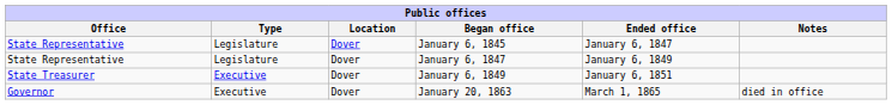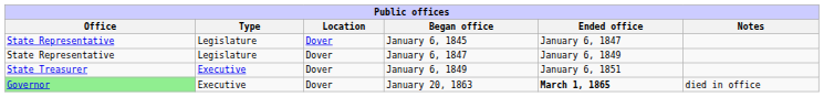 <table class=wikitable style="width: 94%" style="text-align: center;" align="center">
 <tr bgcolor=#cccccc>
 <th colspan=7 style="background: #ccccff;">Public offices</th>
 </tr>
 <tr>
 <th><strong>Office</strong></th>
 <th><strong>Type</strong></th>
 <th><strong>Location</strong></th>
 <th><strong>Began office</strong></th>
 <th><strong>Ended office</strong></th>
 <th><strong>Notes</strong></th>
 </tr>
 <tr>
 <td><a href='#'>State Representative</a></td>
 <td>Legislature</td>
 <td><a href='#'>Dover</a></td>
 <td>January 6, 1845</td>
 <td>January 6, 1847</td>
 <td></td>
 </tr>
 <tr>
 <td>State Representative</td>
 <td>Legislature</td>
 <td>Dover</td>
 <td>January 6, 1847</td>
 <td>January 6, 1849</td>
 <td></td>
 </tr>
 <tr>
 <td><a href='#'>State Treasurer</a></td>
 <td><a href='#'>Executive</a></td>
 <td>Dover</td>
 <td>January 6, 1849</td>
 <td>January 6, 1851</td>
 <td></td>
 </tr>
 <tr>
-<td><a href='#'>Governor</a></td>
+<td style="background: lightgreen;"><a href='#'>Governor</a></td>
 <td>Executive</td>
 <td>Dover</td>
 <td>January 20, 1863</td>
-<td>March 1, 1865</td>
+<td><strong>March 1, 1865</strong></td>
 <td>died in office</td>
 </tr>
 </table>
